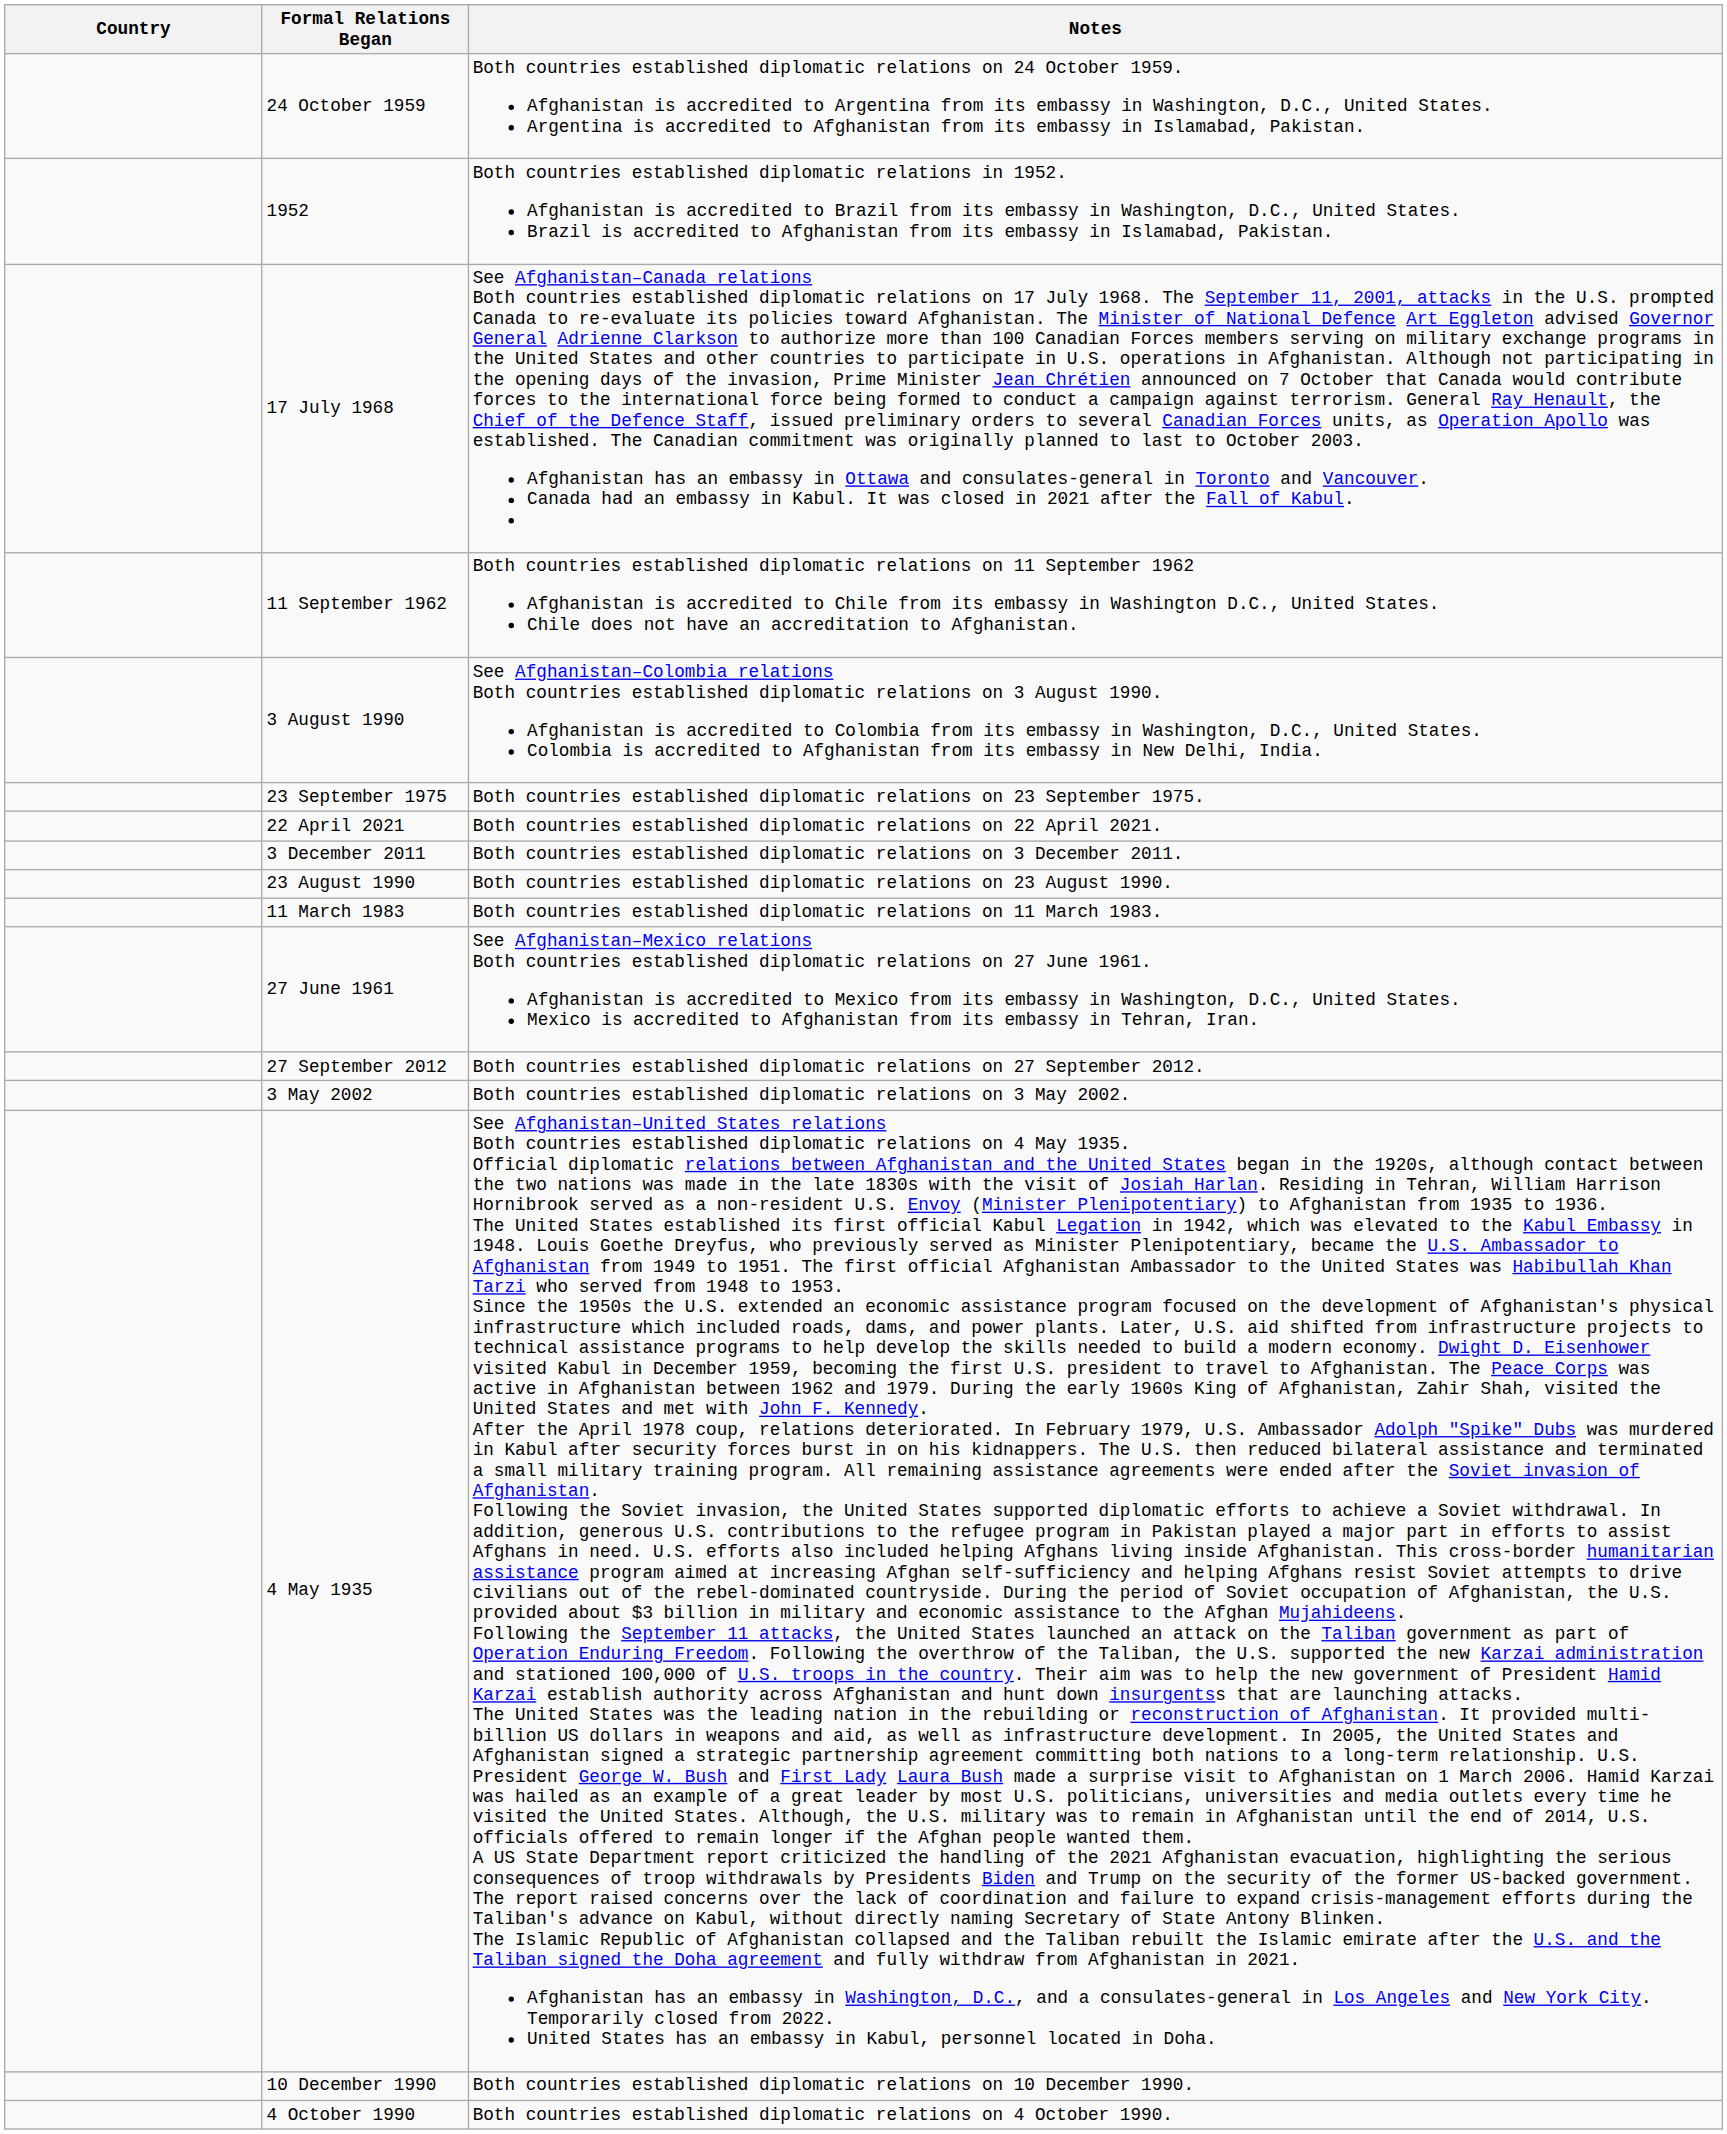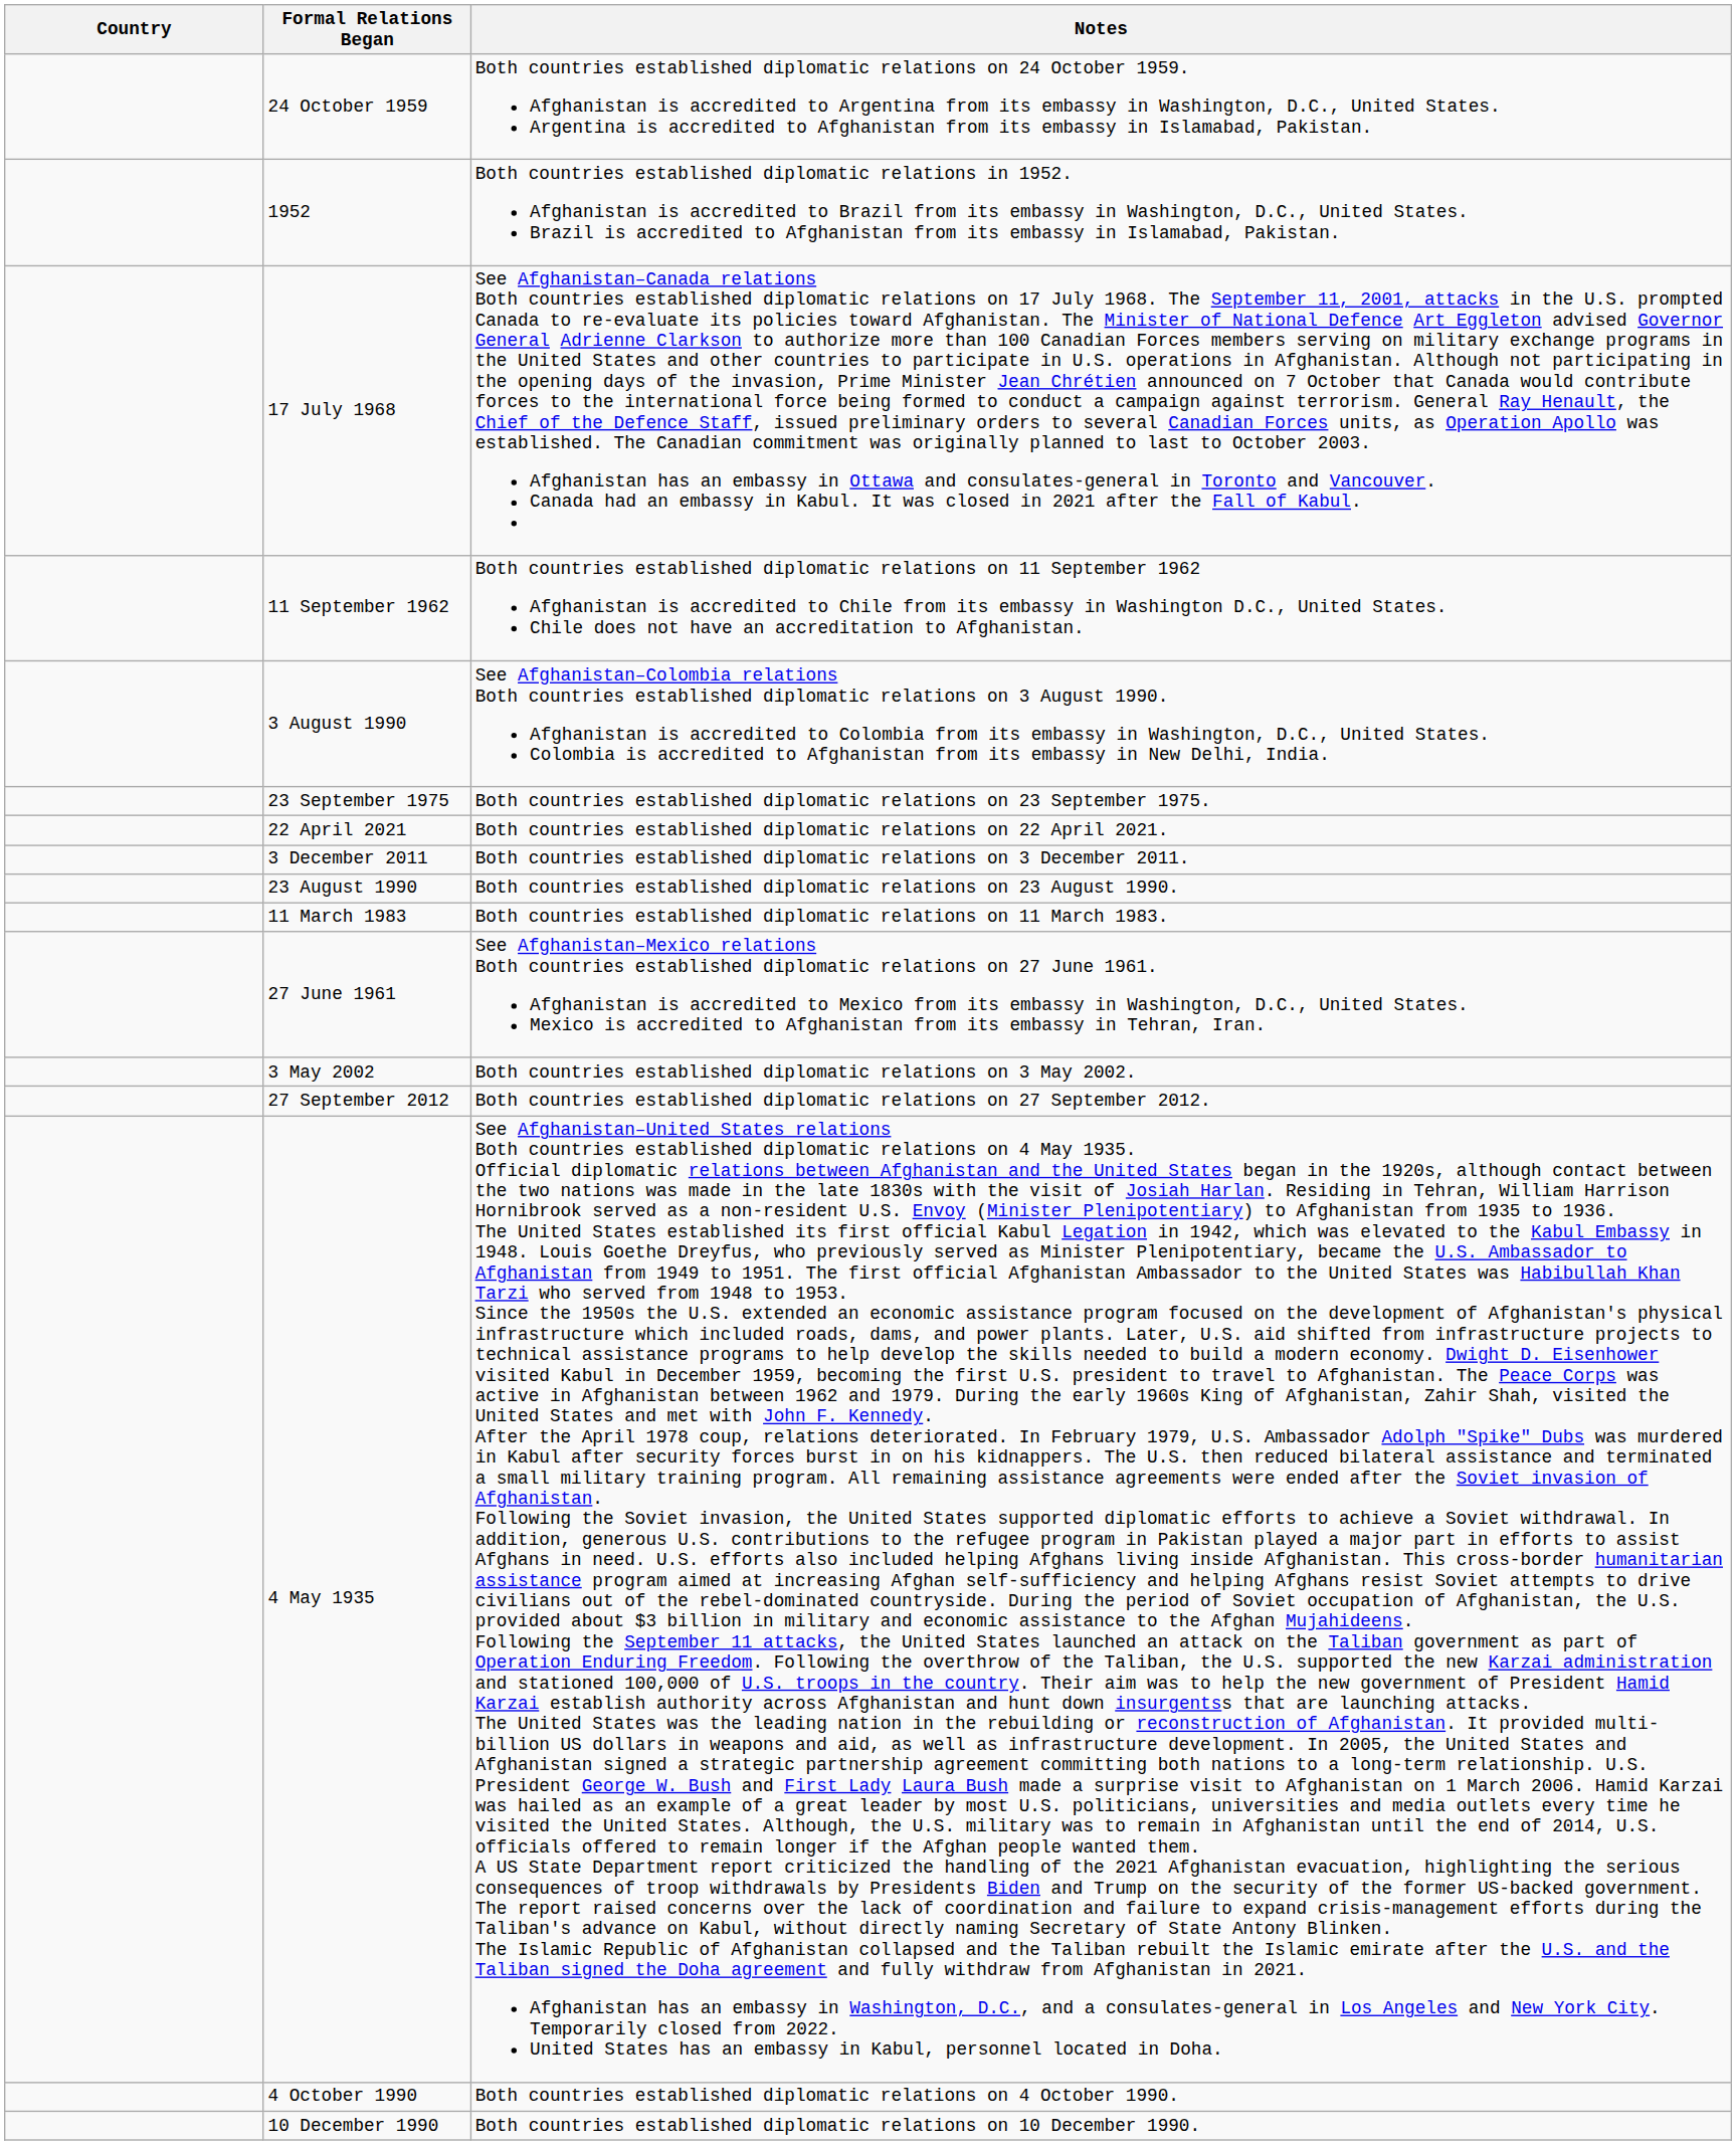 <table class="wikitable sortable" style="width:100%; margin:auto;">
 <tr>
 <th style="width:15%;">Country</th>
 <th style="width:12%;">Formal Relations Began</th>
 <th>Notes</th>
 </tr>
 <tr>
 <td></td>
 <td>24 October 1959</td>
 <td>Both countries established diplomatic relations on 24 October 1959.<br><ul><li>Afghanistan is accredited to Argentina from its embassy in Washington, D.C., United States.</li><li>Argentina is accredited to Afghanistan from its embassy in Islamabad, Pakistan.</li></ul></td>
 </tr>
 <tr>
 <td></td>
 <td>1952</td>
 <td>Both countries established diplomatic relations in 1952.<br><ul><li>Afghanistan is accredited to Brazil from its embassy in Washington, D.C., United States.</li><li>Brazil is accredited to Afghanistan from its embassy in Islamabad, Pakistan.</li></ul></td>
 </tr>
 <tr>
 <td></td>
 <td>17 July 1968</td>
 <td>See <a href='#'>Afghanistan–Canada relations</a><br>Both countries established diplomatic relations on 17 July 1968. The <a href='#'>September 11, 2001, attacks</a> in the U.S. prompted Canada to re-evaluate its policies toward Afghanistan. The <a href='#'>Minister of National Defence</a> <a href='#'>Art Eggleton</a> advised <a href='#'>Governor General</a> <a href='#'>Adrienne Clarkson</a> to authorize more than 100 Canadian Forces members serving on military exchange programs in the United States and other countries to participate in U.S. operations in Afghanistan. Although not participating in the opening days of the invasion, Prime Minister <a href='#'>Jean Chrétien</a> announced on 7 October that Canada would contribute forces to the international force being formed to conduct a campaign against terrorism. General <a href='#'>Ray Henault</a>, the <a href='#'>Chief of the Defence Staff</a>, issued preliminary orders to several <a href='#'>Canadian Forces</a> units, as <a href='#'>Operation Apollo</a> was established. The Canadian commitment was originally planned to last to October 2003.<ul><li>Afghanistan has an embassy in <a href='#'>Ottawa</a> and consulates-general in <a href='#'>Toronto</a> and <a href='#'>Vancouver</a>.</li><li>Canada had an embassy in Kabul. It was closed in 2021 after the <a href='#'>Fall of Kabul</a>.</li><li></li></ul></td>
 </tr>
 <tr>
 <td></td>
 <td>11 September 1962</td>
 <td>Both countries established diplomatic relations on 11 September 1962<br><ul><li>Afghanistan is accredited to Chile from its embassy in Washington D.C., United States.</li><li>Chile does not have an accreditation to Afghanistan.</li></ul></td>
 </tr>
 <tr>
 <td></td>
 <td>3 August 1990</td>
 <td>See <a href='#'>Afghanistan–Colombia relations</a><br>Both countries established diplomatic relations on 3 August 1990.<ul><li>Afghanistan is accredited to Colombia from its embassy in Washington, D.C., United States.</li><li>Colombia is accredited to Afghanistan from its embassy in New Delhi, India.</li></ul></td>
 </tr>
 <tr>
 <td></td>
 <td>23 September 1975</td>
 <td>Both countries established diplomatic relations on 23 September 1975.</td>
 </tr>
 <tr>
 <td></td>
 <td>22 April 2021</td>
 <td>Both countries established diplomatic relations on 22 April 2021.</td>
 </tr>
 <tr>
 <td></td>
 <td>3 December 2011</td>
 <td>Both countries established diplomatic relations on 3 December 2011.</td>
 </tr>
 <tr>
 <td></td>
 <td>23 August 1990</td>
 <td>Both countries established diplomatic relations on 23 August 1990.</td>
 </tr>
 <tr>
 <td></td>
 <td>11 March 1983</td>
 <td>Both countries established diplomatic relations on 11 March 1983.</td>
 </tr>
 <tr>
 <td></td>
 <td>27 June 1961</td>
 <td>See <a href='#'>Afghanistan–Mexico relations</a><br>Both countries established diplomatic relations on 27 June 1961.<ul><li>Afghanistan is accredited to Mexico from its embassy in Washington, D.C., United States.</li><li>Mexico is accredited to Afghanistan from its embassy in Tehran, Iran.</li></ul></td>
 </tr>
 <tr>
 <td></td>
-<td>27 September 2012</td>
-<td>Both countries established diplomatic relations on 27 September 2012.</td>
+<td>3 May 2002</td>
+<td>Both countries established diplomatic relations on 3 May 2002.</td>
 </tr>
 <tr>
 <td></td>
-<td>3 May 2002</td>
-<td>Both countries established diplomatic relations on 3 May 2002.</td>
+<td>27 September 2012</td>
+<td>Both countries established diplomatic relations on 27 September 2012.</td>
 </tr>
 <tr>
 <td></td>
 <td>4 May 1935</td>
 <td>See <a href='#'>Afghanistan–United States relations</a><br>Both countries established diplomatic relations on 4 May 1935.<br>Official diplomatic <a href='#'>relations between Afghanistan and the United States</a> began in the 1920s, although contact between the two nations was made in the late 1830s with the visit of <a href='#'>Josiah Harlan</a>. Residing in Tehran, William Harrison Hornibrook served as a non-resident U.S. <a href='#'>Envoy</a> (<a href='#'>Minister Plenipotentiary</a>) to Afghanistan from 1935 to 1936.<br>The United States established its first official Kabul <a href='#'>Legation</a> in 1942, which was elevated to the <a href='#'>Kabul Embassy</a> in 1948. Louis Goethe Dreyfus, who previously served as Minister Plenipotentiary, became the <a href='#'>U.S. Ambassador to Afghanistan</a> from 1949 to 1951. The first official Afghanistan Ambassador to the United States was <a href='#'>Habibullah Khan Tarzi</a> who served from 1948 to 1953.<br>Since the 1950s the U.S. extended an economic assistance program focused on the development of Afghanistan's physical infrastructure which included roads, dams, and power plants. Later, U.S. aid shifted from infrastructure projects to technical assistance programs to help develop the skills needed to build a modern economy. <a href='#'>Dwight D. Eisenhower</a> visited Kabul in December 1959, becoming the first U.S. president to travel to Afghanistan. The <a href='#'>Peace Corps</a> was active in Afghanistan between 1962 and 1979. During the early 1960s King of Afghanistan, Zahir Shah, visited the United States and met with <a href='#'>John F. Kennedy</a>. <br>After the April 1978 coup, relations deteriorated. In February 1979, U.S. Ambassador <a href='#'>Adolph "Spike" Dubs</a> was murdered in Kabul after security forces burst in on his kidnappers. The U.S. then reduced bilateral assistance and terminated a small military training program. All remaining assistance agreements were ended after the <a href='#'>Soviet invasion of Afghanistan</a>.<br>Following the Soviet invasion, the United States supported diplomatic efforts to achieve a Soviet withdrawal. In addition, generous U.S. contributions to the refugee program in Pakistan played a major part in efforts to assist Afghans in need. U.S. efforts also included helping Afghans living inside Afghanistan. This cross-border <a href='#'>humanitarian assistance</a> program aimed at increasing Afghan self-sufficiency and helping Afghans resist Soviet attempts to drive civilians out of the rebel-dominated countryside. During the period of Soviet occupation of Afghanistan, the U.S. provided about $3 billion in military and economic assistance to the Afghan <a href='#'>Mujahideens</a>.<br>Following the <a href='#'>September 11 attacks</a>, the United States launched an attack on the <a href='#'>Taliban</a> government as part of <a href='#'>Operation Enduring Freedom</a>. Following the overthrow of the Taliban, the U.S. supported the new <a href='#'>Karzai administration</a> and stationed 100,000 of <a href='#'>U.S. troops in the country</a>. Their aim was to help the new government of President <a href='#'>Hamid Karzai</a> establish authority across Afghanistan and hunt down <a href='#'>insurgents</a>s that are launching attacks.<br>The United States was the leading nation in the rebuilding or <a href='#'>reconstruction of Afghanistan</a>. It provided multi-billion US dollars in weapons and aid, as well as infrastructure development. In 2005, the United States and Afghanistan signed a strategic partnership agreement committing both nations to a long-term relationship. U.S. President <a href='#'>George W. Bush</a> and <a href='#'>First Lady</a> <a href='#'>Laura Bush</a> made a surprise visit to Afghanistan on 1 March 2006. Hamid Karzai was hailed as an example of a great leader by most U.S. politicians, universities and media outlets every time he visited the United States. Although, the U.S. military was to remain in Afghanistan until the end of 2014, U.S. officials offered to remain longer if the Afghan people wanted them.<br>A US State Department report criticized the handling of the 2021 Afghanistan evacuation, highlighting the serious consequences of troop withdrawals by Presidents <a href='#'>Biden</a> and Trump on the security of the former US-backed government. The report raised concerns over the lack of coordination and failure to expand crisis-management efforts during the Taliban's advance on Kabul, without directly naming Secretary of State Antony Blinken.<br>The Islamic Republic of Afghanistan collapsed and the Taliban rebuilt the Islamic emirate after the <a href='#'>U.S. and the Taliban signed the Doha agreement</a> and fully withdraw from Afghanistan in 2021.<ul><li>Afghanistan has an embassy in <a href='#'>Washington, D.C.</a>, and a consulates-general in <a href='#'>Los Angeles</a> and <a href='#'>New York City</a>. Temporarily closed from 2022.</li><li>United States has an embassy in Kabul, personnel located in Doha.</li></ul></td>
 </tr>
 <tr>
 <td></td>
+<td>4 October 1990</td>
+<td>Both countries established diplomatic relations on 4 October 1990.</td>
+</tr>
+<tr>
+<td></td>
 <td>10 December 1990</td>
 <td>Both countries established diplomatic relations on 10 December 1990.</td>
 </tr>
-<tr>
-<td></td>
-<td>4 October 1990</td>
-<td>Both countries established diplomatic relations on 4 October 1990.</td>
-</tr>
 </table>
